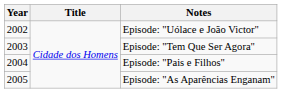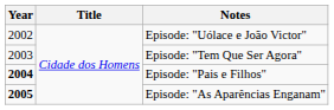 <table class="wikitable">
 <tr>
 <th>Year</th>
 <th>Title</th>
 <th>Notes</th>
 </tr>
 <tr>
 <td>2002</td>
 <td rowspan="4"><em><a href='#'>Cidade dos Homens</a></em></td>
 <td>Episode: "Uólace e João Victor"</td>
 </tr>
 <tr>
 <td>2003</td>
 <td>Episode: "Tem Que Ser Agora"</td>
 </tr>
 <tr>
-<td>2004</td>
+<td><strong>2004</strong></td>
 <td>Episode: "Pais e Filhos"</td>
 </tr>
 <tr>
-<td>2005</td>
+<td><strong>2005</strong></td>
 <td>Episode: "As Aparências Enganam"</td>
 </tr>
 </table>
